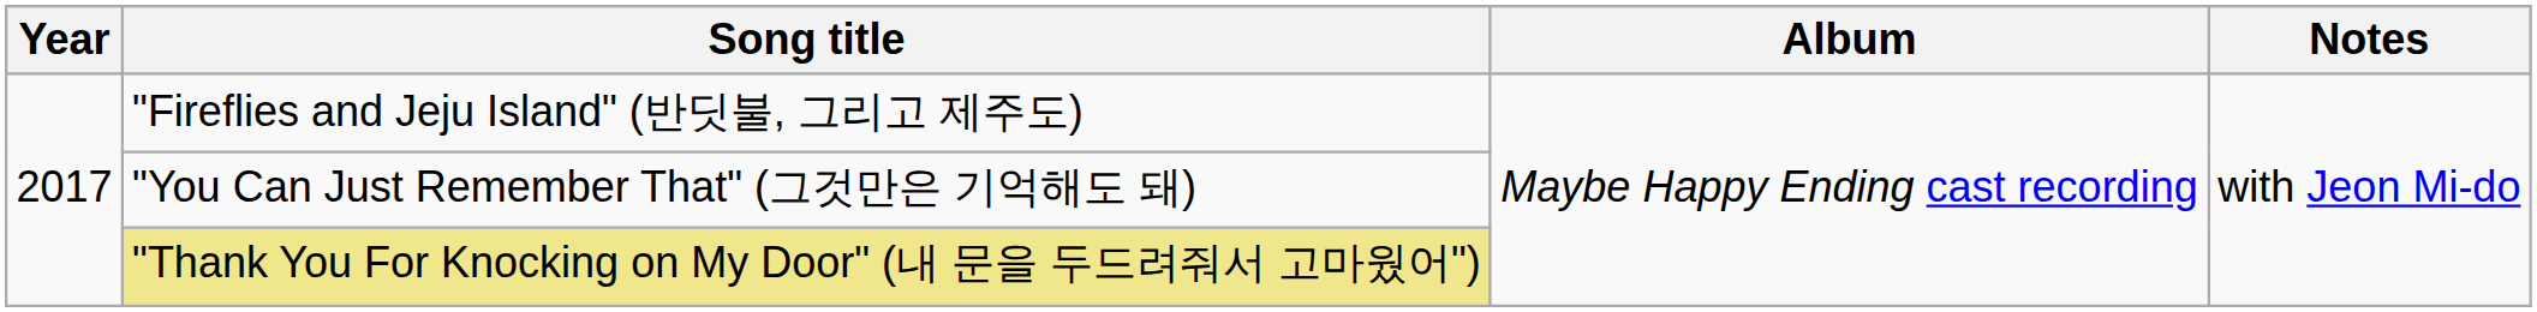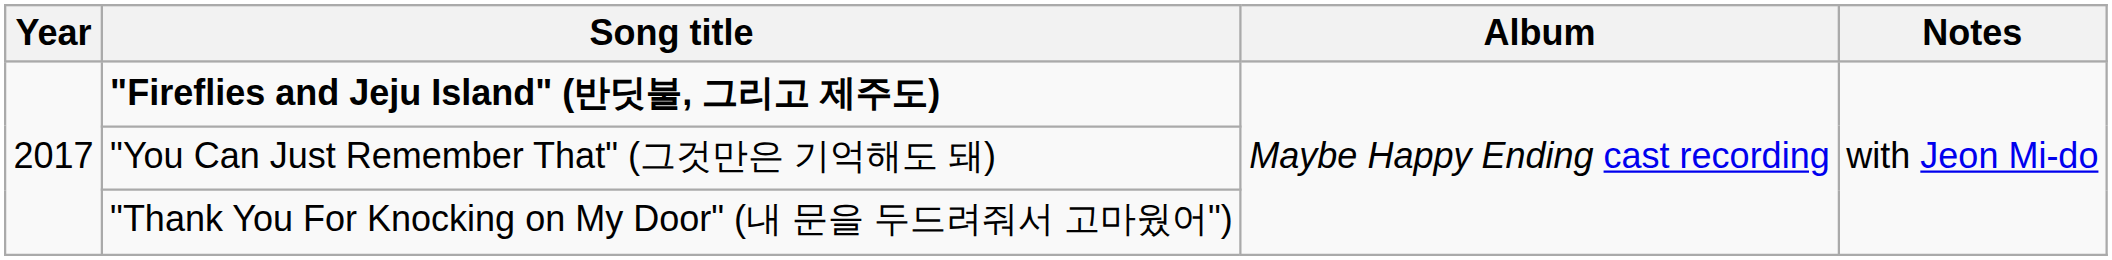 <table class="wikitable">
 <tr style="background:#ccc; text-align:center;">
 <th>Year</th>
 <th>Song title</th>
 <th>Album</th>
 <th>Notes</th>
 </tr>
 <tr>
 <td rowspan="3">2017</td>
-<td>"Fireflies and Jeju Island" (반딧불, 그리고 제주도)</td>
+<td><strong>"Fireflies and Jeju Island" (반딧불, 그리고 제주도)</strong></td>
 <td rowspan="3"><em>Maybe Happy Ending</em> <a href='#'>cast recording</a></td>
 <td rowspan="3">with <a href='#'>Jeon Mi-do</a></td>
 </tr>
 <tr>
 <td>"You Can Just Remember That" (그것만은 기억해도 돼)</td>
 </tr>
 <tr>
-<td style="background: khaki;">"Thank You For Knocking on My Door" (내 문을 두드려줘서 고마웠어")</td>
+<td>"Thank You For Knocking on My Door" (내 문을 두드려줘서 고마웠어")</td>
 </tr>
 </table>
